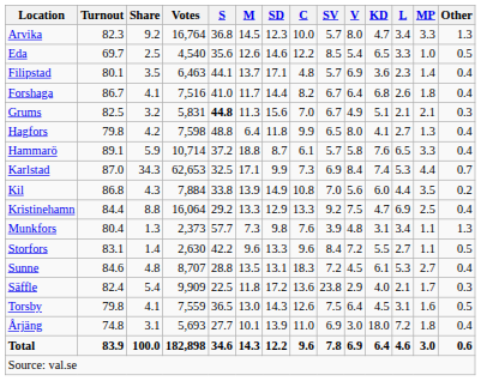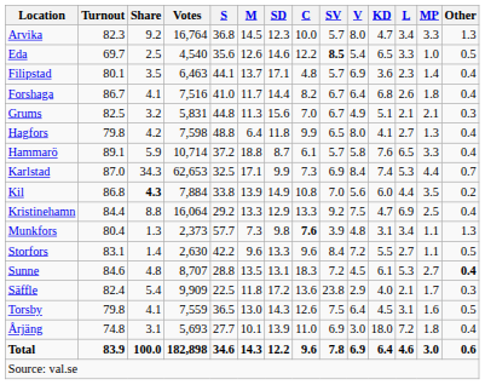 <table class="wikitable sortable" style=text-align:right>
 <tr>
 <th>Location</th>
 <th>Turnout</th>
 <th>Share</th>
 <th>Votes</th>
 <th><a href='#'>S</a></th>
 <th><a href='#'>M</a></th>
 <th><a href='#'>SD</a></th>
 <th><a href='#'>C</a></th>
 <th><a href='#'>SV</a></th>
 <th><a href='#'>V</a></th>
 <th><a href='#'>KD</a></th>
 <th><a href='#'>L</a></th>
 <th><a href='#'>MP</a></th>
 <th>Other</th>
 </tr>
 <tr>
 <td align=left><a href='#'>Arvika</a></td>
 <td>82.3</td>
 <td>9.2</td>
 <td>16,764</td>
 <td>36.8</td>
 <td>14.5</td>
 <td>12.3</td>
 <td>10.0</td>
 <td>5.7</td>
 <td>8.0</td>
 <td>4.7</td>
 <td>3.4</td>
 <td>3.3</td>
 <td>1.3</td>
 </tr>
 <tr>
 <td align=left><a href='#'>Eda</a></td>
 <td>69.7</td>
 <td>2.5</td>
 <td>4,540</td>
 <td>35.6</td>
 <td>12.6</td>
 <td>14.6</td>
 <td>12.2</td>
-<td>8.5</td>
+<td><strong>8.5</strong></td>
 <td>5.4</td>
 <td>6.5</td>
 <td>3.3</td>
 <td>1.0</td>
 <td>0.5</td>
 </tr>
 <tr>
 <td align=left><a href='#'>Filipstad</a></td>
 <td>80.1</td>
 <td>3.5</td>
 <td>6,463</td>
 <td>44.1</td>
 <td>13.7</td>
 <td>17.1</td>
 <td>4.8</td>
 <td>5.7</td>
 <td>6.9</td>
 <td>3.6</td>
 <td>2.3</td>
 <td>1.4</td>
 <td>0.4</td>
 </tr>
 <tr>
 <td align=left><a href='#'>Forshaga</a></td>
 <td>86.7</td>
 <td>4.1</td>
 <td>7,516</td>
 <td>41.0</td>
 <td>11.7</td>
 <td>14.4</td>
 <td>8.2</td>
 <td>6.7</td>
 <td>6.4</td>
 <td>6.8</td>
 <td>2.6</td>
 <td>1.8</td>
 <td>0.4</td>
 </tr>
 <tr>
 <td align=left><a href='#'>Grums</a></td>
 <td>82.5</td>
 <td>3.2</td>
 <td>5,831</td>
-<td><strong>44.8</strong></td>
+<td>44.8</td>
 <td>11.3</td>
 <td>15.6</td>
 <td>7.0</td>
 <td>6.7</td>
 <td>4.9</td>
 <td>5.1</td>
 <td>2.1</td>
 <td>2.1</td>
 <td>0.3</td>
 </tr>
 <tr>
 <td align=left><a href='#'>Hagfors</a></td>
 <td>79.8</td>
 <td>4.2</td>
 <td>7,598</td>
 <td>48.8</td>
 <td>6.4</td>
 <td>11.8</td>
 <td>9.9</td>
 <td>6.5</td>
 <td>8.0</td>
 <td>4.1</td>
 <td>2.7</td>
 <td>1.3</td>
 <td>0.4</td>
 </tr>
 <tr>
 <td align=left><a href='#'>Hammarö</a></td>
 <td>89.1</td>
 <td>5.9</td>
 <td>10,714</td>
 <td>37.2</td>
 <td>18.8</td>
 <td>8.7</td>
 <td>6.1</td>
 <td>5.7</td>
 <td>5.8</td>
 <td>7.6</td>
 <td>6.5</td>
 <td>3.3</td>
 <td>0.4</td>
 </tr>
 <tr>
 <td align=left><a href='#'>Karlstad</a></td>
 <td>87.0</td>
 <td>34.3</td>
 <td>62,653</td>
 <td>32.5</td>
 <td>17.1</td>
 <td>9.9</td>
 <td>7.3</td>
 <td>6.9</td>
 <td>8.4</td>
 <td>7.4</td>
 <td>5.3</td>
 <td>4.4</td>
 <td>0.7</td>
 </tr>
 <tr>
 <td align=left><a href='#'>Kil</a></td>
 <td>86.8</td>
-<td>4.3</td>
+<td><strong>4.3</strong></td>
 <td>7,884</td>
 <td>33.8</td>
 <td>13.9</td>
 <td>14.9</td>
 <td>10.8</td>
 <td>7.0</td>
 <td>5.6</td>
 <td>6.0</td>
 <td>4.4</td>
 <td>3.5</td>
 <td>0.2</td>
 </tr>
 <tr>
 <td align=left><a href='#'>Kristinehamn</a></td>
 <td>84.4</td>
 <td>8.8</td>
 <td>16,064</td>
 <td>29.2</td>
 <td>13.3</td>
 <td>12.9</td>
 <td>13.3</td>
 <td>9.2</td>
 <td>7.5</td>
 <td>4.7</td>
 <td>6.9</td>
 <td>2.5</td>
 <td>0.4</td>
 </tr>
 <tr>
 <td align=left><a href='#'>Munkfors</a></td>
 <td>80.4</td>
 <td>1.3</td>
 <td>2,373</td>
 <td>57.7</td>
 <td>7.3</td>
 <td>9.8</td>
-<td>7.6</td>
+<td><strong>7.6</strong></td>
 <td>3.9</td>
 <td>4.8</td>
 <td>3.1</td>
 <td>3.4</td>
 <td>1.1</td>
 <td>1.3</td>
 </tr>
 <tr>
 <td align=left><a href='#'>Storfors</a></td>
 <td>83.1</td>
 <td>1.4</td>
 <td>2,630</td>
 <td>42.2</td>
 <td>9.6</td>
 <td>13.3</td>
 <td>9.6</td>
 <td>8.4</td>
 <td>7.2</td>
 <td>5.5</td>
 <td>2.7</td>
 <td>1.1</td>
 <td>0.5</td>
 </tr>
 <tr>
 <td align=left><a href='#'>Sunne</a></td>
 <td>84.6</td>
 <td>4.8</td>
 <td>8,707</td>
 <td>28.8</td>
 <td>13.5</td>
 <td>13.1</td>
 <td>18.3</td>
 <td>7.2</td>
 <td>4.5</td>
 <td>6.1</td>
 <td>5.3</td>
 <td>2.7</td>
-<td>0.4</td>
+<td><strong>0.4</strong></td>
 </tr>
 <tr>
 <td align=left><a href='#'>Säffle</a></td>
 <td>82.4</td>
 <td>5.4</td>
 <td>9,909</td>
 <td>22.5</td>
 <td>11.8</td>
 <td>17.2</td>
 <td>13.6</td>
 <td>23.8</td>
 <td>2.9</td>
 <td>4.0</td>
 <td>2.1</td>
 <td>1.7</td>
 <td>0.3</td>
 </tr>
 <tr>
 <td align=left><a href='#'>Torsby</a></td>
 <td>79.8</td>
 <td>4.1</td>
 <td>7,559</td>
 <td>36.5</td>
 <td>13.0</td>
 <td>14.3</td>
 <td>12.6</td>
 <td>7.5</td>
 <td>6.4</td>
 <td>4.5</td>
 <td>3.1</td>
 <td>1.6</td>
 <td>0.5</td>
 </tr>
 <tr>
 <td align=left><a href='#'>Årjäng</a></td>
 <td>74.8</td>
 <td>3.1</td>
 <td>5,693</td>
 <td>27.7</td>
 <td>10.1</td>
 <td>13.9</td>
 <td>11.0</td>
 <td>6.9</td>
 <td>3.0</td>
 <td>18.0</td>
 <td>7.2</td>
 <td>1.8</td>
 <td>0.4</td>
 </tr>
 <tr>
 <td align=left><strong>Total</strong></td>
 <td><strong>83.9</strong></td>
 <td><strong>100.0</strong></td>
 <td><strong>182,898</strong></td>
 <td><strong>34.6</strong></td>
 <td><strong>14.3</strong></td>
 <td><strong>12.2</strong></td>
 <td><strong>9.6</strong></td>
 <td><strong>7.8</strong></td>
 <td><strong>6.9</strong></td>
 <td><strong>6.4</strong></td>
 <td><strong>4.6</strong></td>
 <td><strong>3.0</strong></td>
 <td><strong>0.6</strong></td>
 </tr>
 <tr>
 <td align=left colspan=14>Source: val.se</td>
 </tr>
 </table>
